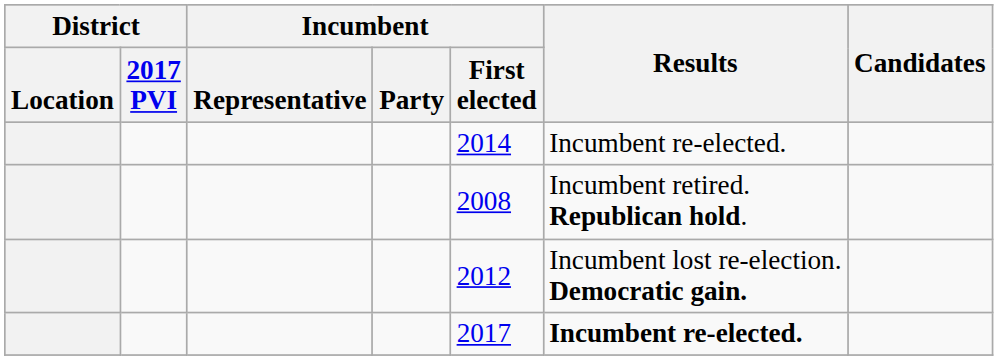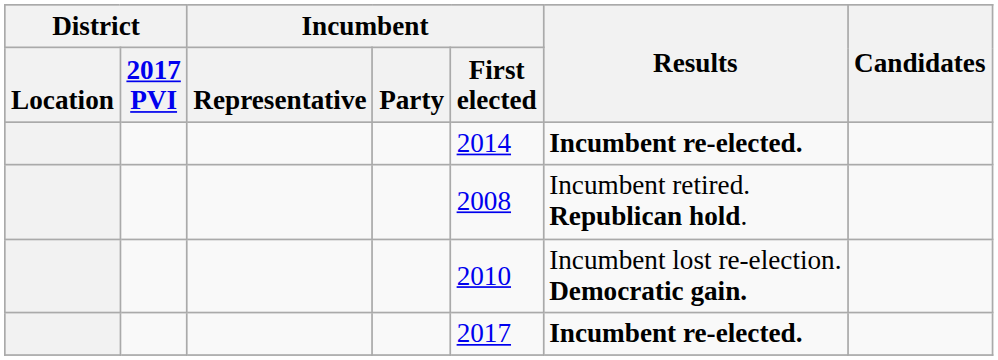 <table class="wikitable sortable">
 <tr>
 <th colspan=2>District</th>
 <th colspan=3>Incumbent</th>
 <th rowspan=2>Results</th>
 <th rowspan=2 class=unsortable>Candidates</th>
 </tr>
 <tr valign=bottom>
 <th>Location</th>
 <th><a href='#'>2017<br>PVI</a></th>
 <th>Representative</th>
 <th>Party</th>
 <th>First<br>elected</th>
 </tr>
 <tr>
 <th></th>
 <td></td>
 <td></td>
 <td></td>
 <td><a href='#'>2014</a></td>
-<td>Incumbent re-elected.</td>
+<td><strong>Incumbent re-elected.</strong></td>
 <td nowrap></td>
 </tr>
 <tr>
 <th></th>
 <td></td>
 <td></td>
 <td></td>
 <td><a href='#'>2008</a></td>
 <td>Incumbent retired.<br><strong>Republican hold</strong>.</td>
 <td nowrap></td>
 </tr>
 <tr>
 <th></th>
 <td></td>
 <td></td>
 <td></td>
-<td><a href='#'>2012</a></td>
+<td><a href='#'>2010</a></td>
 <td>Incumbent lost re-election.<br><strong>Democratic gain.</strong></td>
 <td nowrap></td>
 </tr>
 <tr>
 <th></th>
 <td></td>
 <td></td>
 <td></td>
 <td><a href='#'>2017 </a></td>
 <td><strong>Incumbent re-elected.</strong></td>
 <td nowrap></td>
 </tr>
 </table>
